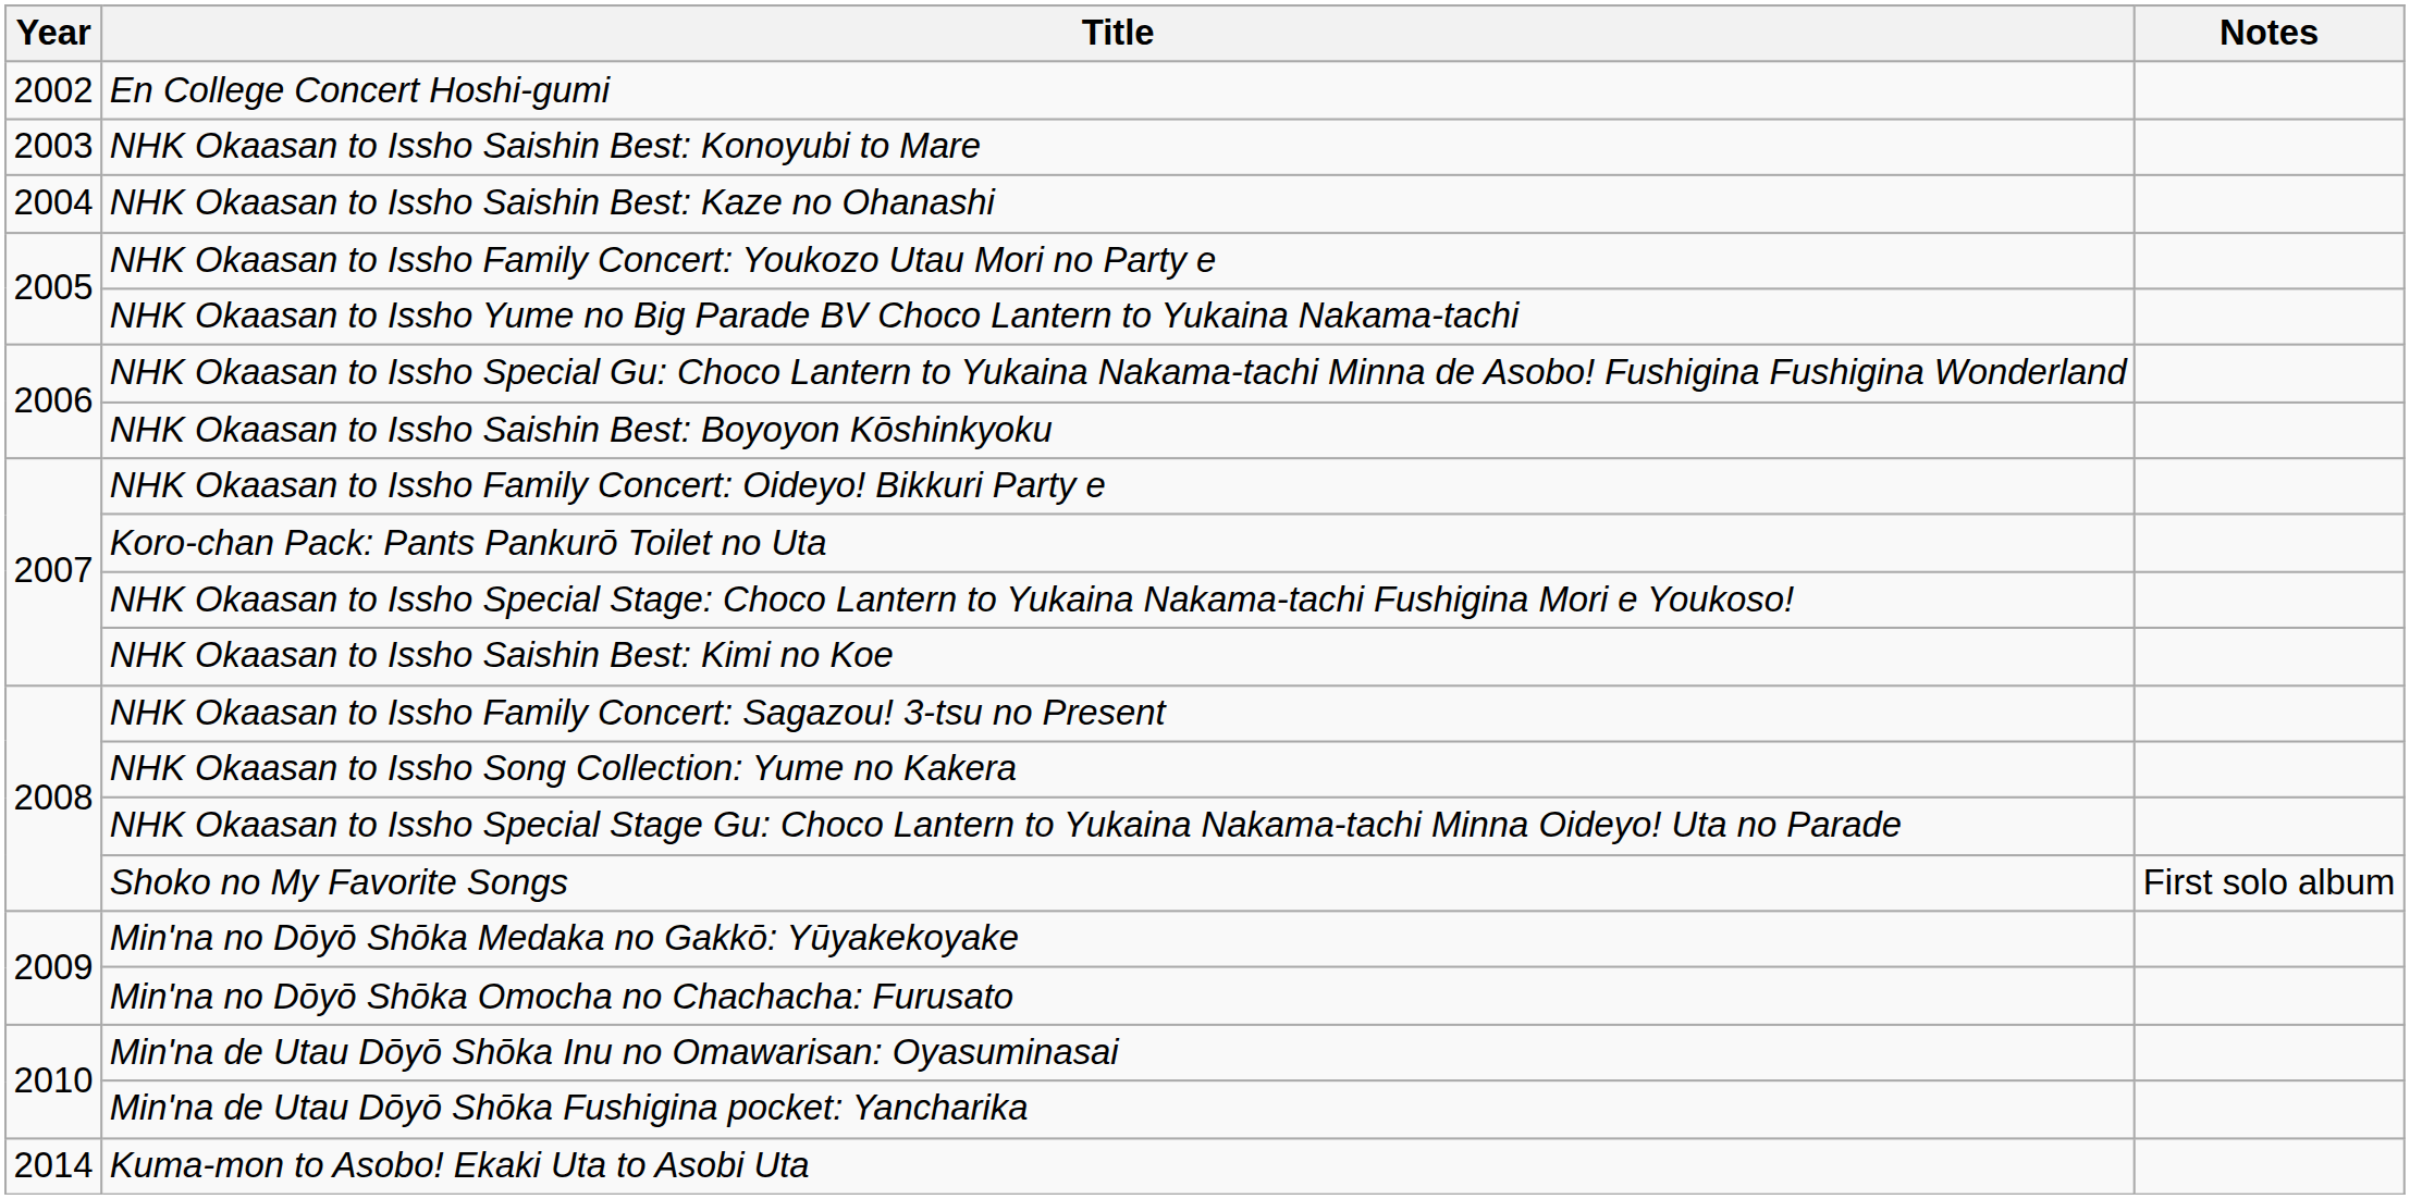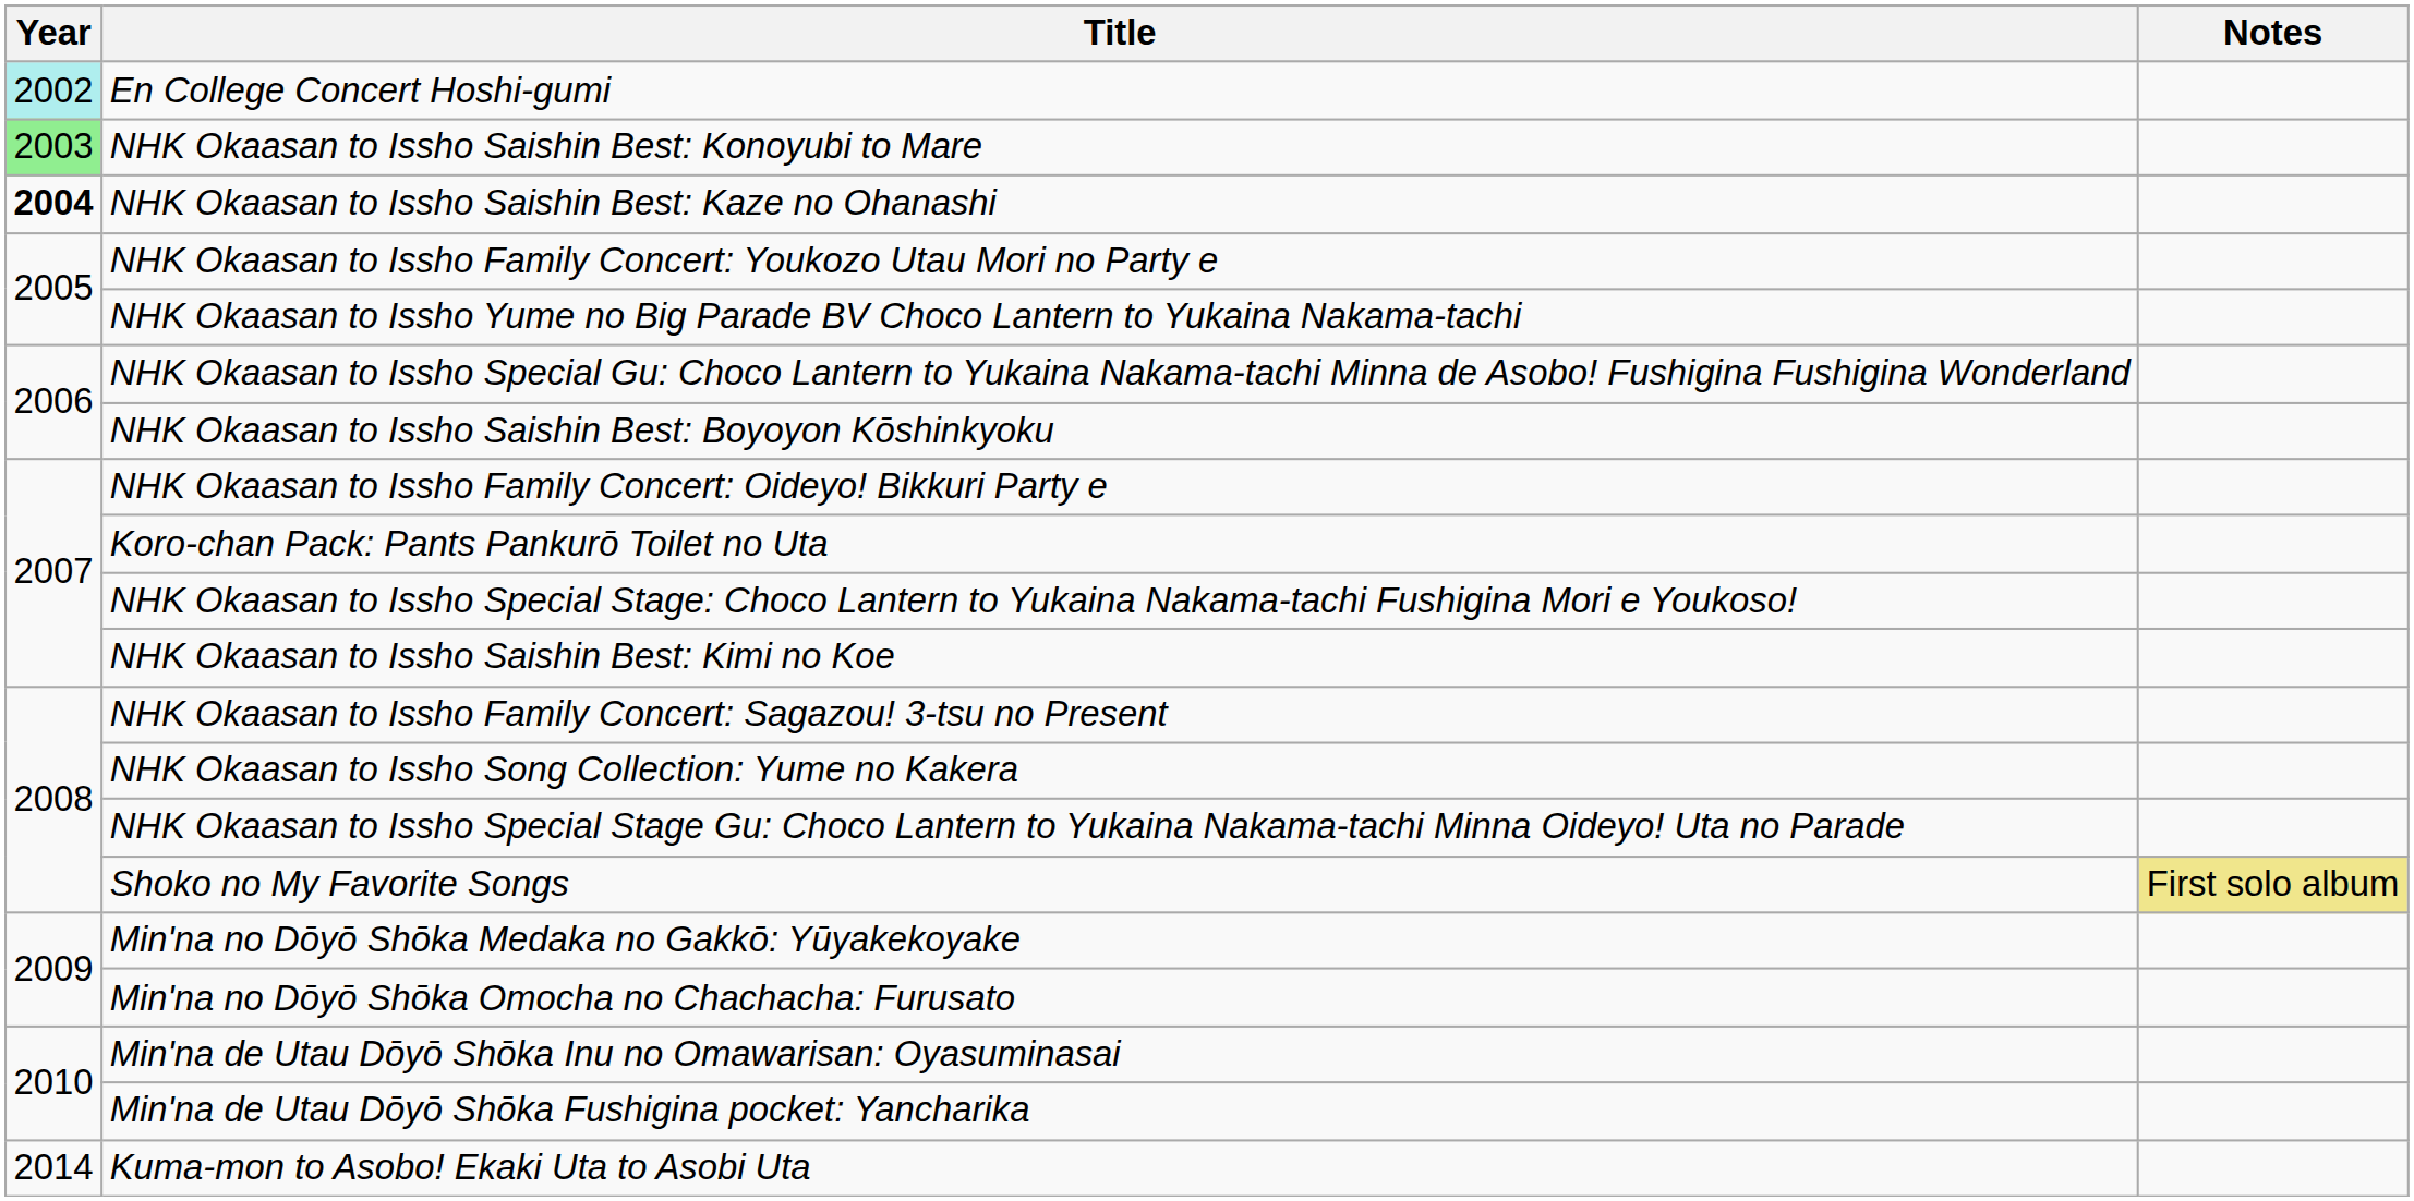 <table class="wikitable">
 <tr>
 <th>Year</th>
 <th>Title</th>
 <th>Notes</th>
 </tr>
 <tr>
-<td>2002</td>
+<td style="background: paleturquoise;">2002</td>
 <td><em>En College Concert Hoshi-gumi</em></td>
 <td></td>
 </tr>
 <tr>
-<td>2003</td>
+<td style="background: lightgreen;">2003</td>
 <td><em>NHK Okaasan to Issho Saishin Best: Konoyubi to Mare</em></td>
 <td></td>
 </tr>
 <tr>
-<td>2004</td>
+<td><strong>2004</strong></td>
 <td><em>NHK Okaasan to Issho Saishin Best: Kaze no Ohanashi</em></td>
 <td></td>
 </tr>
 <tr>
 <td rowspan="2">2005</td>
 <td><em>NHK Okaasan to Issho Family Concert: Youkozo Utau Mori no Party e</em></td>
 <td></td>
 </tr>
 <tr>
 <td><em>NHK Okaasan to Issho Yume no Big Parade BV Choco Lantern to Yukaina Nakama-tachi</em></td>
 <td></td>
 </tr>
 <tr>
 <td rowspan="2">2006</td>
 <td><em>NHK Okaasan to Issho Special Gu: Choco Lantern to Yukaina Nakama-tachi Minna de Asobo! Fushigina Fushigina Wonderland</em></td>
 <td></td>
 </tr>
 <tr>
 <td><em>NHK Okaasan to Issho Saishin Best: Boyoyon Kōshinkyoku</em></td>
 <td></td>
 </tr>
 <tr>
 <td rowspan="4">2007</td>
 <td><em>NHK Okaasan to Issho Family Concert: Oideyo! Bikkuri Party e</em></td>
 <td></td>
 </tr>
 <tr>
 <td><em>Koro-chan Pack: Pants Pankurō Toilet no Uta</em></td>
 <td></td>
 </tr>
 <tr>
 <td><em>NHK Okaasan to Issho Special Stage: Choco Lantern to Yukaina Nakama-tachi Fushigina Mori e Youkoso!</em></td>
 <td></td>
 </tr>
 <tr>
 <td><em>NHK Okaasan to Issho Saishin Best: Kimi no Koe</em></td>
 <td></td>
 </tr>
 <tr>
 <td rowspan="4">2008</td>
 <td><em>NHK Okaasan to Issho Family Concert: Sagazou! 3-tsu no Present</em></td>
 <td></td>
 </tr>
 <tr>
 <td><em>NHK Okaasan to Issho Song Collection: Yume no Kakera</em></td>
 <td></td>
 </tr>
 <tr>
 <td><em>NHK Okaasan to Issho Special Stage Gu: Choco Lantern to Yukaina Nakama-tachi Minna Oideyo! Uta no Parade</em></td>
 <td></td>
 </tr>
 <tr>
 <td><em>Shoko no My Favorite Songs</em></td>
-<td>First solo album</td>
+<td style="background: khaki;">First solo album</td>
 </tr>
 <tr>
 <td rowspan="2">2009</td>
 <td><em>Min'na no Dōyō Shōka Medaka no Gakkō: Yūyakekoyake</em></td>
 <td></td>
 </tr>
 <tr>
 <td><em>Min'na no Dōyō Shōka Omocha no Chachacha: Furusato</em></td>
 <td></td>
 </tr>
 <tr>
 <td rowspan="2">2010</td>
 <td><em>Min'na de Utau Dōyō Shōka Inu no Omawarisan: Oyasuminasai</em></td>
 <td></td>
 </tr>
 <tr>
 <td><em>Min'na de Utau Dōyō Shōka Fushigina pocket: Yancharika</em></td>
 <td></td>
 </tr>
 <tr>
 <td>2014</td>
 <td><em>Kuma-mon to Asobo! Ekaki Uta to Asobi Uta</em></td>
 <td></td>
 </tr>
 </table>
